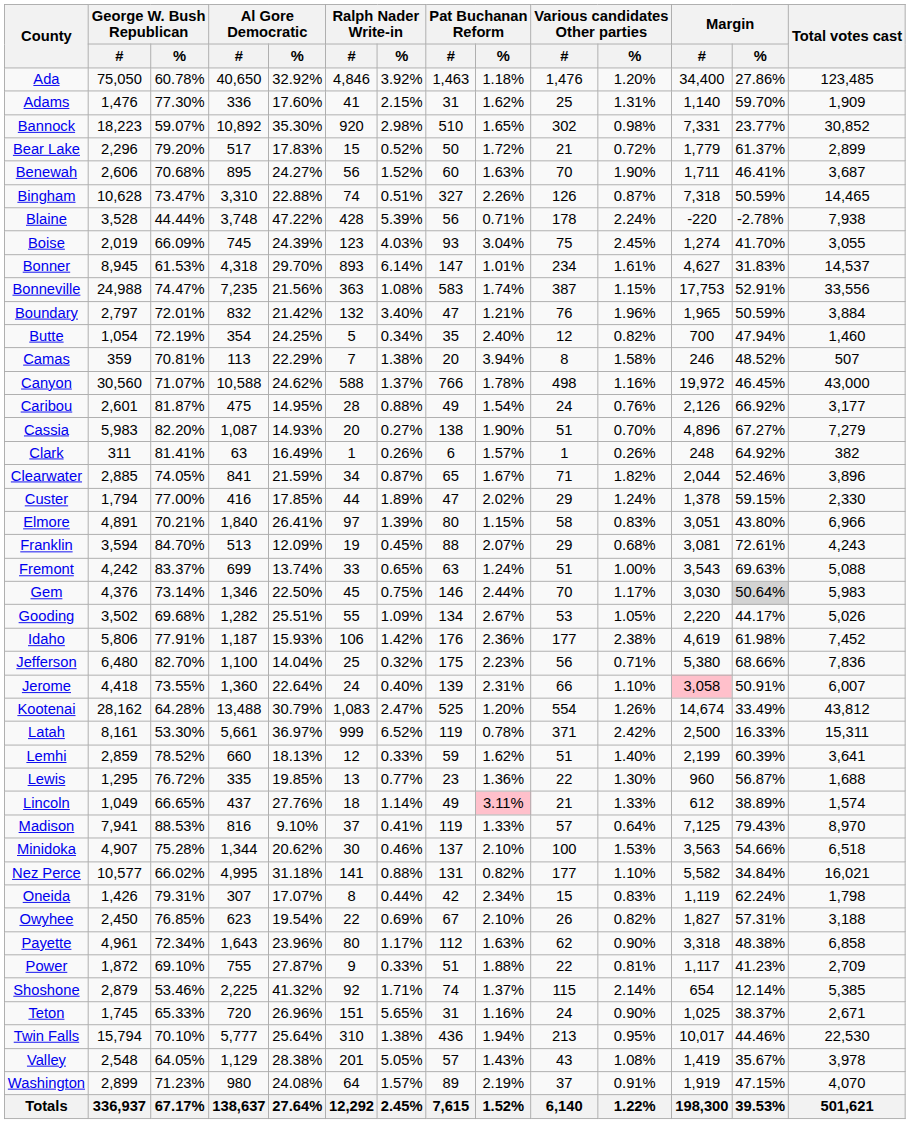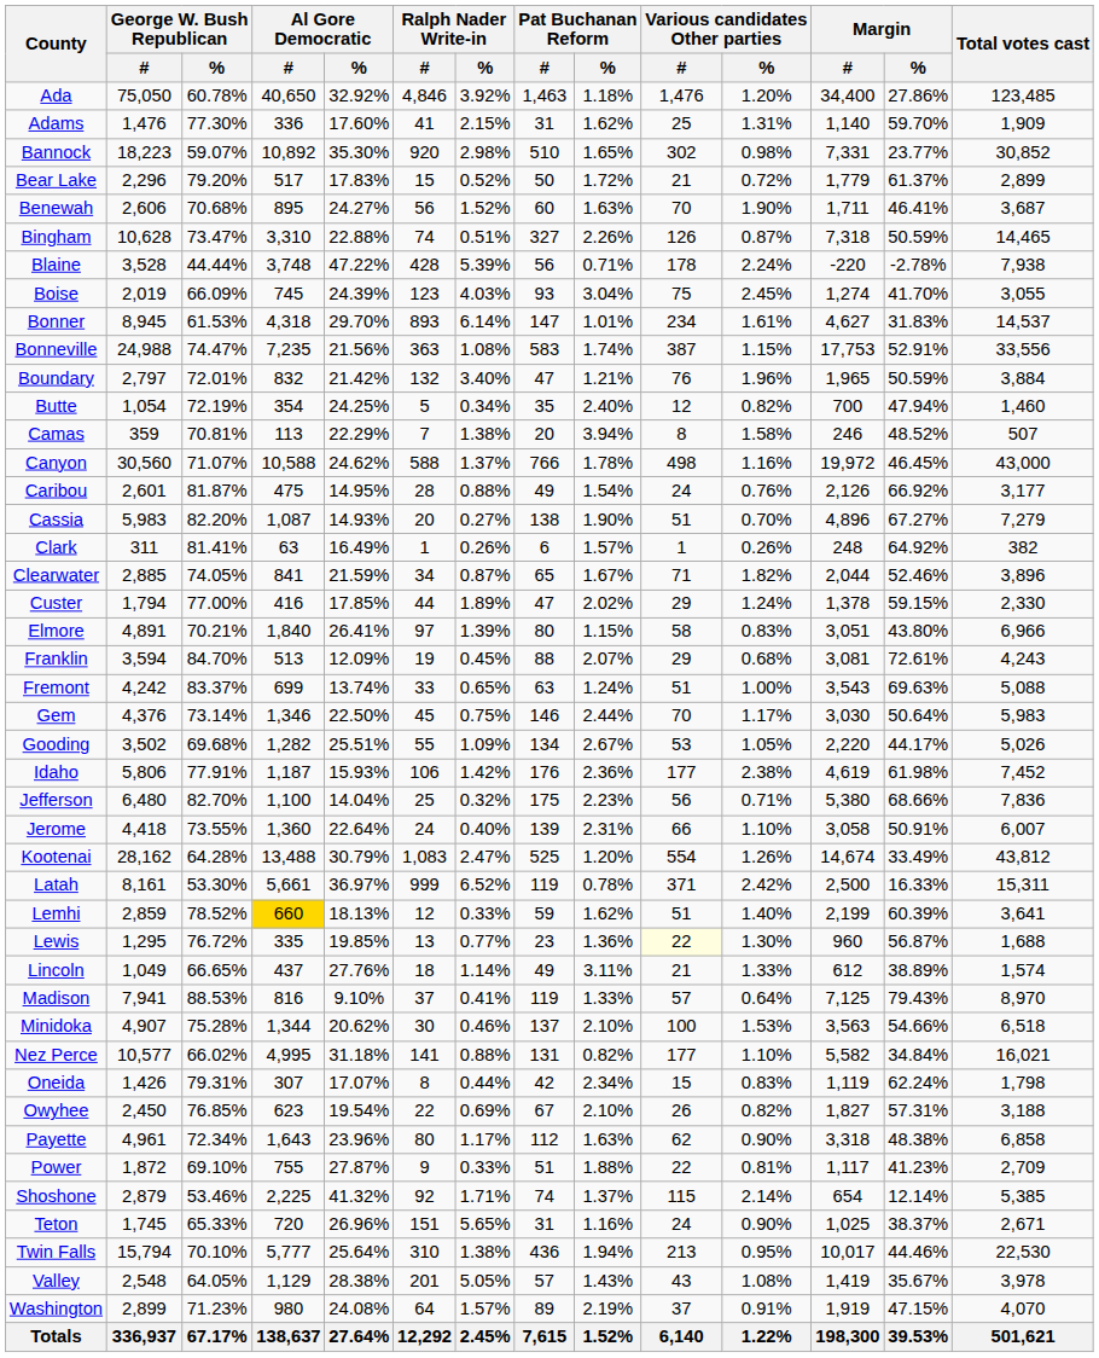 <table class="wikitable sortable" style="text-align:center">
 <tr>
 <th style="text-align=center;" rowspan="2">County</th>
 <th style="text-align:center;" colspan="2">George W. Bush<br>Republican</th>
 <th style="text-align:center;" colspan="2">Al Gore<br>Democratic</th>
 <th style="text-align:center;" colspan="2">Ralph Nader<br>Write-in</th>
 <th style="text-align:center;" colspan="2">Pat Buchanan<br>Reform</th>
 <th style="text-align:center;" colspan="2">Various candidates<br>Other parties</th>
 <th style="text-align:center;" colspan="2">Margin</th>
 <th style="text-align:center;" rowspan="2">Total votes cast</th>
 </tr>
 <tr>
 <th style="text-align:center;" data-sort-type="number">#</th>
 <th style="text-align:center;" data-sort-type="number">%</th>
 <th style="text-align:center;" data-sort-type="number">#</th>
 <th style="text-align:center;" data-sort-type="number">%</th>
 <th style="text-align:center;" data-sort-type="number">#</th>
 <th style="text-align:center;" data-sort-type="number">%</th>
 <th style="text-align:center;" data-sort-type="number">#</th>
 <th style="text-align:center;" data-sort-type="number">%</th>
 <th style="text-align:center;" data-sort-type="number">#</th>
 <th style="text-align:center;" data-sort-type="number">%</th>
 <th style="text-align:center;" data-sort-type="number">#</th>
 <th style="text-align:center;" data-sort-type="number">%</th>
 </tr>
 <tr style="text-align:center;">
 <td><a href='#'>Ada</a></td>
 <td>75,050</td>
 <td>60.78%</td>
 <td>40,650</td>
 <td>32.92%</td>
 <td>4,846</td>
 <td>3.92%</td>
 <td>1,463</td>
 <td>1.18%</td>
 <td>1,476</td>
 <td>1.20%</td>
 <td>34,400</td>
 <td>27.86%</td>
 <td>123,485</td>
 </tr>
 <tr style="text-align:center;">
 <td><a href='#'>Adams</a></td>
 <td>1,476</td>
 <td>77.30%</td>
 <td>336</td>
 <td>17.60%</td>
 <td>41</td>
 <td>2.15%</td>
 <td>31</td>
 <td>1.62%</td>
 <td>25</td>
 <td>1.31%</td>
 <td>1,140</td>
 <td>59.70%</td>
 <td>1,909</td>
 </tr>
 <tr style="text-align:center;">
 <td><a href='#'>Bannock</a></td>
 <td>18,223</td>
 <td>59.07%</td>
 <td>10,892</td>
 <td>35.30%</td>
 <td>920</td>
 <td>2.98%</td>
 <td>510</td>
 <td>1.65%</td>
 <td>302</td>
 <td>0.98%</td>
 <td>7,331</td>
 <td>23.77%</td>
 <td>30,852</td>
 </tr>
 <tr style="text-align:center;">
 <td><a href='#'>Bear Lake</a></td>
 <td>2,296</td>
 <td>79.20%</td>
 <td>517</td>
 <td>17.83%</td>
 <td>15</td>
 <td>0.52%</td>
 <td>50</td>
 <td>1.72%</td>
 <td>21</td>
 <td>0.72%</td>
 <td>1,779</td>
 <td>61.37%</td>
 <td>2,899</td>
 </tr>
 <tr style="text-align:center;">
 <td><a href='#'>Benewah</a></td>
 <td>2,606</td>
 <td>70.68%</td>
 <td>895</td>
 <td>24.27%</td>
 <td>56</td>
 <td>1.52%</td>
 <td>60</td>
 <td>1.63%</td>
 <td>70</td>
 <td>1.90%</td>
 <td>1,711</td>
 <td>46.41%</td>
 <td>3,687</td>
 </tr>
 <tr style="text-align:center;">
 <td><a href='#'>Bingham</a></td>
 <td>10,628</td>
 <td>73.47%</td>
 <td>3,310</td>
 <td>22.88%</td>
 <td>74</td>
 <td>0.51%</td>
 <td>327</td>
 <td>2.26%</td>
 <td>126</td>
 <td>0.87%</td>
 <td>7,318</td>
 <td>50.59%</td>
 <td>14,465</td>
 </tr>
 <tr style="text-align:center;">
 <td><a href='#'>Blaine</a></td>
 <td>3,528</td>
 <td>44.44%</td>
 <td>3,748</td>
 <td>47.22%</td>
 <td>428</td>
 <td>5.39%</td>
 <td>56</td>
 <td>0.71%</td>
 <td>178</td>
 <td>2.24%</td>
 <td>-220</td>
 <td>-2.78%</td>
 <td>7,938</td>
 </tr>
 <tr style="text-align:center;">
 <td><a href='#'>Boise</a></td>
 <td>2,019</td>
 <td>66.09%</td>
 <td>745</td>
 <td>24.39%</td>
 <td>123</td>
 <td>4.03%</td>
 <td>93</td>
 <td>3.04%</td>
 <td>75</td>
 <td>2.45%</td>
 <td>1,274</td>
 <td>41.70%</td>
 <td>3,055</td>
 </tr>
 <tr style="text-align:center;">
 <td><a href='#'>Bonner</a></td>
 <td>8,945</td>
 <td>61.53%</td>
 <td>4,318</td>
 <td>29.70%</td>
 <td>893</td>
 <td>6.14%</td>
 <td>147</td>
 <td>1.01%</td>
 <td>234</td>
 <td>1.61%</td>
 <td>4,627</td>
 <td>31.83%</td>
 <td>14,537</td>
 </tr>
 <tr style="text-align:center;">
 <td><a href='#'>Bonneville</a></td>
 <td>24,988</td>
 <td>74.47%</td>
 <td>7,235</td>
 <td>21.56%</td>
 <td>363</td>
 <td>1.08%</td>
 <td>583</td>
 <td>1.74%</td>
 <td>387</td>
 <td>1.15%</td>
 <td>17,753</td>
 <td>52.91%</td>
 <td>33,556</td>
 </tr>
 <tr style="text-align:center;">
 <td><a href='#'>Boundary</a></td>
 <td>2,797</td>
 <td>72.01%</td>
 <td>832</td>
 <td>21.42%</td>
 <td>132</td>
 <td>3.40%</td>
 <td>47</td>
 <td>1.21%</td>
 <td>76</td>
 <td>1.96%</td>
 <td>1,965</td>
 <td>50.59%</td>
 <td>3,884</td>
 </tr>
 <tr style="text-align:center;">
 <td><a href='#'>Butte</a></td>
 <td>1,054</td>
 <td>72.19%</td>
 <td>354</td>
 <td>24.25%</td>
 <td>5</td>
 <td>0.34%</td>
 <td>35</td>
 <td>2.40%</td>
 <td>12</td>
 <td>0.82%</td>
 <td>700</td>
 <td>47.94%</td>
 <td>1,460</td>
 </tr>
 <tr style="text-align:center;">
 <td><a href='#'>Camas</a></td>
 <td>359</td>
 <td>70.81%</td>
 <td>113</td>
 <td>22.29%</td>
 <td>7</td>
 <td>1.38%</td>
 <td>20</td>
 <td>3.94%</td>
 <td>8</td>
 <td>1.58%</td>
 <td>246</td>
 <td>48.52%</td>
 <td>507</td>
 </tr>
 <tr style="text-align:center;">
 <td><a href='#'>Canyon</a></td>
 <td>30,560</td>
 <td>71.07%</td>
 <td>10,588</td>
 <td>24.62%</td>
 <td>588</td>
 <td>1.37%</td>
 <td>766</td>
 <td>1.78%</td>
 <td>498</td>
 <td>1.16%</td>
 <td>19,972</td>
 <td>46.45%</td>
 <td>43,000</td>
 </tr>
 <tr style="text-align:center;">
 <td><a href='#'>Caribou</a></td>
 <td>2,601</td>
 <td>81.87%</td>
 <td>475</td>
 <td>14.95%</td>
 <td>28</td>
 <td>0.88%</td>
 <td>49</td>
 <td>1.54%</td>
 <td>24</td>
 <td>0.76%</td>
 <td>2,126</td>
 <td>66.92%</td>
 <td>3,177</td>
 </tr>
 <tr style="text-align:center;">
 <td><a href='#'>Cassia</a></td>
 <td>5,983</td>
 <td>82.20%</td>
 <td>1,087</td>
 <td>14.93%</td>
 <td>20</td>
 <td>0.27%</td>
 <td>138</td>
 <td>1.90%</td>
 <td>51</td>
 <td>0.70%</td>
 <td>4,896</td>
 <td>67.27%</td>
 <td>7,279</td>
 </tr>
 <tr style="text-align:center;">
 <td><a href='#'>Clark</a></td>
 <td>311</td>
 <td>81.41%</td>
 <td>63</td>
 <td>16.49%</td>
 <td>1</td>
 <td>0.26%</td>
 <td>6</td>
 <td>1.57%</td>
 <td>1</td>
 <td>0.26%</td>
 <td>248</td>
 <td>64.92%</td>
 <td>382</td>
 </tr>
 <tr style="text-align:center;">
 <td><a href='#'>Clearwater</a></td>
 <td>2,885</td>
 <td>74.05%</td>
 <td>841</td>
 <td>21.59%</td>
 <td>34</td>
 <td>0.87%</td>
 <td>65</td>
 <td>1.67%</td>
 <td>71</td>
 <td>1.82%</td>
 <td>2,044</td>
 <td>52.46%</td>
 <td>3,896</td>
 </tr>
 <tr style="text-align:center;">
 <td><a href='#'>Custer</a></td>
 <td>1,794</td>
 <td>77.00%</td>
 <td>416</td>
 <td>17.85%</td>
 <td>44</td>
 <td>1.89%</td>
 <td>47</td>
 <td>2.02%</td>
 <td>29</td>
 <td>1.24%</td>
 <td>1,378</td>
 <td>59.15%</td>
 <td>2,330</td>
 </tr>
 <tr style="text-align:center;">
 <td><a href='#'>Elmore</a></td>
 <td>4,891</td>
 <td>70.21%</td>
 <td>1,840</td>
 <td>26.41%</td>
 <td>97</td>
 <td>1.39%</td>
 <td>80</td>
 <td>1.15%</td>
 <td>58</td>
 <td>0.83%</td>
 <td>3,051</td>
 <td>43.80%</td>
 <td>6,966</td>
 </tr>
 <tr style="text-align:center;">
 <td><a href='#'>Franklin</a></td>
 <td>3,594</td>
 <td>84.70%</td>
 <td>513</td>
 <td>12.09%</td>
 <td>19</td>
 <td>0.45%</td>
 <td>88</td>
 <td>2.07%</td>
 <td>29</td>
 <td>0.68%</td>
 <td>3,081</td>
 <td>72.61%</td>
 <td>4,243</td>
 </tr>
 <tr style="text-align:center;">
 <td><a href='#'>Fremont</a></td>
 <td>4,242</td>
 <td>83.37%</td>
 <td>699</td>
 <td>13.74%</td>
 <td>33</td>
 <td>0.65%</td>
 <td>63</td>
 <td>1.24%</td>
 <td>51</td>
 <td>1.00%</td>
 <td>3,543</td>
 <td>69.63%</td>
 <td>5,088</td>
 </tr>
 <tr style="text-align:center;">
 <td><a href='#'>Gem</a></td>
 <td>4,376</td>
 <td>73.14%</td>
 <td>1,346</td>
 <td>22.50%</td>
 <td>45</td>
 <td>0.75%</td>
 <td>146</td>
 <td>2.44%</td>
 <td>70</td>
 <td>1.17%</td>
 <td>3,030</td>
-<td style="background: lightgrey;">50.64%</td>
+<td>50.64%</td>
 <td>5,983</td>
 </tr>
 <tr style="text-align:center;">
 <td><a href='#'>Gooding</a></td>
 <td>3,502</td>
 <td>69.68%</td>
 <td>1,282</td>
 <td>25.51%</td>
 <td>55</td>
 <td>1.09%</td>
 <td>134</td>
 <td>2.67%</td>
 <td>53</td>
 <td>1.05%</td>
 <td>2,220</td>
 <td>44.17%</td>
 <td>5,026</td>
 </tr>
 <tr style="text-align:center;">
 <td><a href='#'>Idaho</a></td>
 <td>5,806</td>
 <td>77.91%</td>
 <td>1,187</td>
 <td>15.93%</td>
 <td>106</td>
 <td>1.42%</td>
 <td>176</td>
 <td>2.36%</td>
 <td>177</td>
 <td>2.38%</td>
 <td>4,619</td>
 <td>61.98%</td>
 <td>7,452</td>
 </tr>
 <tr style="text-align:center;">
 <td><a href='#'>Jefferson</a></td>
 <td>6,480</td>
 <td>82.70%</td>
 <td>1,100</td>
 <td>14.04%</td>
 <td>25</td>
 <td>0.32%</td>
 <td>175</td>
 <td>2.23%</td>
 <td>56</td>
 <td>0.71%</td>
 <td>5,380</td>
 <td>68.66%</td>
 <td>7,836</td>
 </tr>
 <tr style="text-align:center;">
 <td><a href='#'>Jerome</a></td>
 <td>4,418</td>
 <td>73.55%</td>
 <td>1,360</td>
 <td>22.64%</td>
 <td>24</td>
 <td>0.40%</td>
 <td>139</td>
 <td>2.31%</td>
 <td>66</td>
 <td>1.10%</td>
-<td style="background: pink;">3,058</td>
+<td>3,058</td>
 <td>50.91%</td>
 <td>6,007</td>
 </tr>
 <tr style="text-align:center;">
 <td><a href='#'>Kootenai</a></td>
 <td>28,162</td>
 <td>64.28%</td>
 <td>13,488</td>
 <td>30.79%</td>
 <td>1,083</td>
 <td>2.47%</td>
 <td>525</td>
 <td>1.20%</td>
 <td>554</td>
 <td>1.26%</td>
 <td>14,674</td>
 <td>33.49%</td>
 <td>43,812</td>
 </tr>
 <tr style="text-align:center;">
 <td><a href='#'>Latah</a></td>
 <td>8,161</td>
 <td>53.30%</td>
 <td>5,661</td>
 <td>36.97%</td>
 <td>999</td>
 <td>6.52%</td>
 <td>119</td>
 <td>0.78%</td>
 <td>371</td>
 <td>2.42%</td>
 <td>2,500</td>
 <td>16.33%</td>
 <td>15,311</td>
 </tr>
 <tr style="text-align:center;">
 <td><a href='#'>Lemhi</a></td>
 <td>2,859</td>
 <td>78.52%</td>
-<td>660</td>
+<td style="background: gold;">660</td>
 <td>18.13%</td>
 <td>12</td>
 <td>0.33%</td>
 <td>59</td>
 <td>1.62%</td>
 <td>51</td>
 <td>1.40%</td>
 <td>2,199</td>
 <td>60.39%</td>
 <td>3,641</td>
 </tr>
 <tr style="text-align:center;">
 <td><a href='#'>Lewis</a></td>
 <td>1,295</td>
 <td>76.72%</td>
 <td>335</td>
 <td>19.85%</td>
 <td>13</td>
 <td>0.77%</td>
 <td>23</td>
 <td>1.36%</td>
-<td>22</td>
+<td style="background: lightyellow;">22</td>
 <td>1.30%</td>
 <td>960</td>
 <td>56.87%</td>
 <td>1,688</td>
 </tr>
 <tr style="text-align:center;">
 <td><a href='#'>Lincoln</a></td>
 <td>1,049</td>
 <td>66.65%</td>
 <td>437</td>
 <td>27.76%</td>
 <td>18</td>
 <td>1.14%</td>
 <td>49</td>
-<td style="background: pink;">3.11%</td>
+<td>3.11%</td>
 <td>21</td>
 <td>1.33%</td>
 <td>612</td>
 <td>38.89%</td>
 <td>1,574</td>
 </tr>
 <tr style="text-align:center;">
 <td><a href='#'>Madison</a></td>
 <td>7,941</td>
 <td>88.53%</td>
 <td>816</td>
 <td>9.10%</td>
 <td>37</td>
 <td>0.41%</td>
 <td>119</td>
 <td>1.33%</td>
 <td>57</td>
 <td>0.64%</td>
 <td>7,125</td>
 <td>79.43%</td>
 <td>8,970</td>
 </tr>
 <tr style="text-align:center;">
 <td><a href='#'>Minidoka</a></td>
 <td>4,907</td>
 <td>75.28%</td>
 <td>1,344</td>
 <td>20.62%</td>
 <td>30</td>
 <td>0.46%</td>
 <td>137</td>
 <td>2.10%</td>
 <td>100</td>
 <td>1.53%</td>
 <td>3,563</td>
 <td>54.66%</td>
 <td>6,518</td>
 </tr>
 <tr style="text-align:center;">
 <td><a href='#'>Nez Perce</a></td>
 <td>10,577</td>
 <td>66.02%</td>
 <td>4,995</td>
 <td>31.18%</td>
 <td>141</td>
 <td>0.88%</td>
 <td>131</td>
 <td>0.82%</td>
 <td>177</td>
 <td>1.10%</td>
 <td>5,582</td>
 <td>34.84%</td>
 <td>16,021</td>
 </tr>
 <tr style="text-align:center;">
 <td><a href='#'>Oneida</a></td>
 <td>1,426</td>
 <td>79.31%</td>
 <td>307</td>
 <td>17.07%</td>
 <td>8</td>
 <td>0.44%</td>
 <td>42</td>
 <td>2.34%</td>
 <td>15</td>
 <td>0.83%</td>
 <td>1,119</td>
 <td>62.24%</td>
 <td>1,798</td>
 </tr>
 <tr style="text-align:center;">
 <td><a href='#'>Owyhee</a></td>
 <td>2,450</td>
 <td>76.85%</td>
 <td>623</td>
 <td>19.54%</td>
 <td>22</td>
 <td>0.69%</td>
 <td>67</td>
 <td>2.10%</td>
 <td>26</td>
 <td>0.82%</td>
 <td>1,827</td>
 <td>57.31%</td>
 <td>3,188</td>
 </tr>
 <tr style="text-align:center;">
 <td><a href='#'>Payette</a></td>
 <td>4,961</td>
 <td>72.34%</td>
 <td>1,643</td>
 <td>23.96%</td>
 <td>80</td>
 <td>1.17%</td>
 <td>112</td>
 <td>1.63%</td>
 <td>62</td>
 <td>0.90%</td>
 <td>3,318</td>
 <td>48.38%</td>
 <td>6,858</td>
 </tr>
 <tr style="text-align:center;">
 <td><a href='#'>Power</a></td>
 <td>1,872</td>
 <td>69.10%</td>
 <td>755</td>
 <td>27.87%</td>
 <td>9</td>
 <td>0.33%</td>
 <td>51</td>
 <td>1.88%</td>
 <td>22</td>
 <td>0.81%</td>
 <td>1,117</td>
 <td>41.23%</td>
 <td>2,709</td>
 </tr>
 <tr style="text-align:center;">
 <td><a href='#'>Shoshone</a></td>
 <td>2,879</td>
 <td>53.46%</td>
 <td>2,225</td>
 <td>41.32%</td>
 <td>92</td>
 <td>1.71%</td>
 <td>74</td>
 <td>1.37%</td>
 <td>115</td>
 <td>2.14%</td>
 <td>654</td>
 <td>12.14%</td>
 <td>5,385</td>
 </tr>
 <tr style="text-align:center;">
 <td><a href='#'>Teton</a></td>
 <td>1,745</td>
 <td>65.33%</td>
 <td>720</td>
 <td>26.96%</td>
 <td>151</td>
 <td>5.65%</td>
 <td>31</td>
 <td>1.16%</td>
 <td>24</td>
 <td>0.90%</td>
 <td>1,025</td>
 <td>38.37%</td>
 <td>2,671</td>
 </tr>
 <tr style="text-align:center;">
 <td><a href='#'>Twin Falls</a></td>
 <td>15,794</td>
 <td>70.10%</td>
 <td>5,777</td>
 <td>25.64%</td>
 <td>310</td>
 <td>1.38%</td>
 <td>436</td>
 <td>1.94%</td>
 <td>213</td>
 <td>0.95%</td>
 <td>10,017</td>
 <td>44.46%</td>
 <td>22,530</td>
 </tr>
 <tr style="text-align:center;">
 <td><a href='#'>Valley</a></td>
 <td>2,548</td>
 <td>64.05%</td>
 <td>1,129</td>
 <td>28.38%</td>
 <td>201</td>
 <td>5.05%</td>
 <td>57</td>
 <td>1.43%</td>
 <td>43</td>
 <td>1.08%</td>
 <td>1,419</td>
 <td>35.67%</td>
 <td>3,978</td>
 </tr>
 <tr style="text-align:center;">
 <td><a href='#'>Washington</a></td>
 <td>2,899</td>
 <td>71.23%</td>
 <td>980</td>
 <td>24.08%</td>
 <td>64</td>
 <td>1.57%</td>
 <td>89</td>
 <td>2.19%</td>
 <td>37</td>
 <td>0.91%</td>
 <td>1,919</td>
 <td>47.15%</td>
 <td>4,070</td>
 </tr>
 <tr style="text-align:center;">
 <th>Totals</th>
 <th>336,937</th>
 <th>67.17%</th>
 <th>138,637</th>
 <th>27.64%</th>
 <th>12,292</th>
 <th>2.45%</th>
 <th>7,615</th>
 <th>1.52%</th>
 <th>6,140</th>
 <th>1.22%</th>
 <th>198,300</th>
 <th>39.53%</th>
 <th>501,621</th>
 </tr>
 </table>
